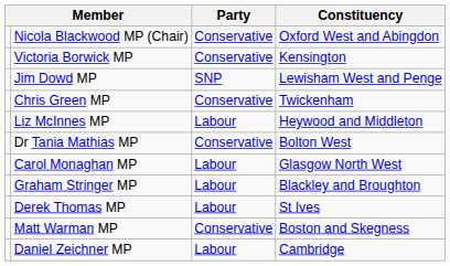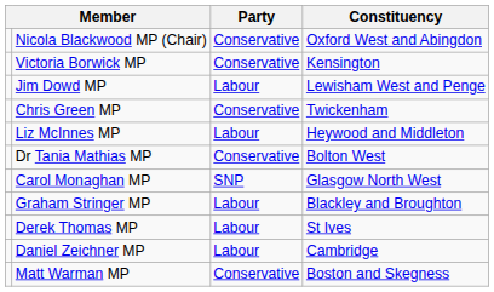 <table class="wikitable">
 <tr>
 <th colspan="2" valign="top">Member</th>
 <th valign="top">Party</th>
 <th valign="top">Constituency</th>
 </tr>
 <tr>
 <td style="color:inherit;background:"></td>
 <td><a href='#'>Nicola Blackwood</a> MP (Chair)</td>
 <td><a href='#'>Conservative</a></td>
 <td><a href='#'>Oxford West and Abingdon</a></td>
 </tr>
 <tr>
 <td style="color:inherit;background:"></td>
 <td><a href='#'>Victoria Borwick</a> MP</td>
 <td><a href='#'>Conservative</a></td>
 <td><a href='#'>Kensington</a></td>
 </tr>
 <tr>
 <td style="color:inherit;background:"></td>
 <td><a href='#'>Jim Dowd</a> MP</td>
-<td><a href='#'>SNP</a></td>
+<td><a href='#'>Labour</a></td>
 <td><a href='#'>Lewisham West and Penge</a></td>
 </tr>
 <tr>
 <td style="color:inherit;background:"></td>
 <td><a href='#'>Chris Green</a> MP</td>
 <td><a href='#'>Conservative</a></td>
 <td><a href='#'>Twickenham</a></td>
 </tr>
 <tr>
 <td style="color:inherit;background:"></td>
 <td><a href='#'>Liz McInnes</a> MP</td>
 <td><a href='#'>Labour</a></td>
 <td><a href='#'>Heywood and Middleton</a></td>
 </tr>
 <tr>
 <td style="color:inherit;background:"></td>
 <td>Dr <a href='#'>Tania Mathias</a> MP</td>
 <td><a href='#'>Conservative</a></td>
 <td><a href='#'>Bolton West</a></td>
 </tr>
 <tr>
 <td style="color:inherit;background:"></td>
 <td><a href='#'>Carol Monaghan</a> MP</td>
-<td><a href='#'>Labour</a></td>
+<td><a href='#'>SNP</a></td>
 <td><a href='#'>Glasgow North West</a></td>
 </tr>
 <tr>
 <td style="color:inherit;background:"></td>
 <td><a href='#'>Graham Stringer</a> MP</td>
 <td><a href='#'>Labour</a></td>
 <td><a href='#'>Blackley and Broughton</a></td>
 </tr>
 <tr>
 <td style="color:inherit;background:"></td>
 <td><a href='#'>Derek Thomas</a> MP</td>
 <td><a href='#'>Labour</a></td>
 <td><a href='#'>St Ives</a></td>
 </tr>
 <tr>
 <td style="color:inherit;background:"></td>
+<td><a href='#'>Daniel Zeichner</a> MP</td>
+<td><a href='#'>Labour</a></td>
+<td><a href='#'>Cambridge</a></td>
+</tr>
+<tr>
+<td style="color:inherit;background:"></td>
 <td><a href='#'>Matt Warman</a> MP</td>
 <td><a href='#'>Conservative</a></td>
 <td><a href='#'>Boston and Skegness</a></td>
 </tr>
-<tr>
-<td style="color:inherit;background:"></td>
-<td><a href='#'>Daniel Zeichner</a> MP</td>
-<td><a href='#'>Labour</a></td>
-<td><a href='#'>Cambridge</a></td>
-</tr>
 </table>
